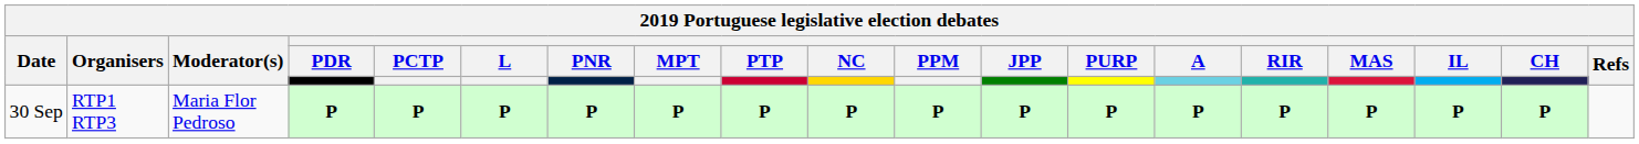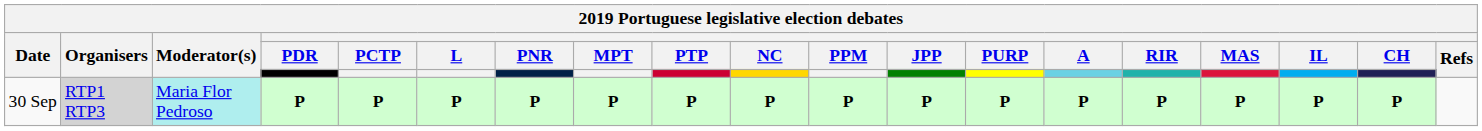 <table class="wikitable" style="font-size:98%; text-align:center;">
 <tr>
 <th colspan="22">2019 Portuguese legislative election debates</th>
 </tr>
 <tr>
 <th rowspan="3">Date</th>
 <th rowspan="3">Organisers</th>
 <th rowspan="3">Moderator(s)</th>
 <th colspan="19">        </th>
 </tr>
 <tr>
 <th scope="col" style="width:4em;"><a href='#'>PDR</a><br></th>
 <th scope="col" style="width:4em;"><a href='#'>PCTP</a><br></th>
 <th scope="col" style="width:4em;"><a href='#'>L</a><br></th>
 <th scope="col" style="width:4em;"><a href='#'>PNR</a><br></th>
 <th scope="col" style="width:4em;"><a href='#'>MPT</a><br></th>
 <th scope="col" style="width:4em;"><a href='#'>PTP</a><br></th>
 <th scope="col" style="width:4em;"><a href='#'>NC</a><br></th>
 <th scope="col" style="width:4em;"><a href='#'>PPM</a><br></th>
 <th scope="col" style="width:4em;"><a href='#'>JPP</a><br></th>
 <th scope="col" style="width:4em;"><a href='#'>PURP</a><br></th>
 <th scope="col" style="width:4em;"><a href='#'>A</a><br></th>
 <th scope="col" style="width:4em;"><a href='#'>RIR</a><br></th>
 <th scope="col" style="width:4em;"><a href='#'>MAS</a><br></th>
 <th scope="col" style="width:4em;"><a href='#'>IL</a><br></th>
 <th scope="col" style="width:4em;"><a href='#'>CH</a><br></th>
 <th rowspan="2">Refs</th>
 </tr>
 <tr>
 <th style="background:black;"></th>
 <th style="background:"></th>
 <th style="background:"></th>
 <th style="background:#002147;"></th>
 <th style="background:"></th>
 <th style="background:#CC0033;"></th>
 <th style="background:Gold;"></th>
 <th style="background:"></th>
 <th style="background:Green;"></th>
 <th style="background:Yellow;"></th>
 <th style="background:#6AD1E3;"></th>
 <th style="background:LightSeaGreen;"></th>
 <th style="background:Crimson;"></th>
 <th style="background:#00ADEF;"></th>
 <th style="background:#202056;"></th>
 </tr>
 <tr>
 <td style="white-space:nowrap; text-align:left;">30 Sep</td>
-<td style="white-space:nowrap; text-align:left;"><a href='#'>RTP1</a><br><a href='#'>RTP3</a></td>
-<td style="white-space:nowrap; text-align:left;"><a href='#'>Maria Flor<br>Pedroso</a></td>
+<td style="background: lightgrey; white-space:nowrap; text-align:left;"><a href='#'>RTP1</a><br><a href='#'>RTP3</a></td>
+<td style="background: paleturquoise; white-space:nowrap; text-align:left;"><a href='#'>Maria Flor<br>Pedroso</a></td>
 <td style="background:#D0FFD0;"><strong>P</strong></td>
 <td style="background:#D0FFD0;"><strong>P</strong></td>
 <td style="background:#D0FFD0;"><strong>P</strong></td>
 <td style="background:#D0FFD0;"><strong>P</strong></td>
 <td style="background:#D0FFD0;"><strong>P</strong></td>
 <td style="background:#D0FFD0;"><strong>P</strong></td>
 <td style="background:#D0FFD0;"><strong>P</strong></td>
 <td style="background:#D0FFD0;"><strong>P</strong></td>
 <td style="background:#D0FFD0;"><strong>P</strong></td>
 <td style="background:#D0FFD0;"><strong>P</strong></td>
 <td style="background:#D0FFD0;"><strong>P</strong></td>
 <td style="background:#D0FFD0;"><strong>P</strong></td>
 <td style="background:#D0FFD0;"><strong>P</strong></td>
 <td style="background:#D0FFD0;"><strong>P</strong></td>
 <td style="background:#D0FFD0;"><strong>P</strong></td>
 <td></td>
 </tr>
 </table>
